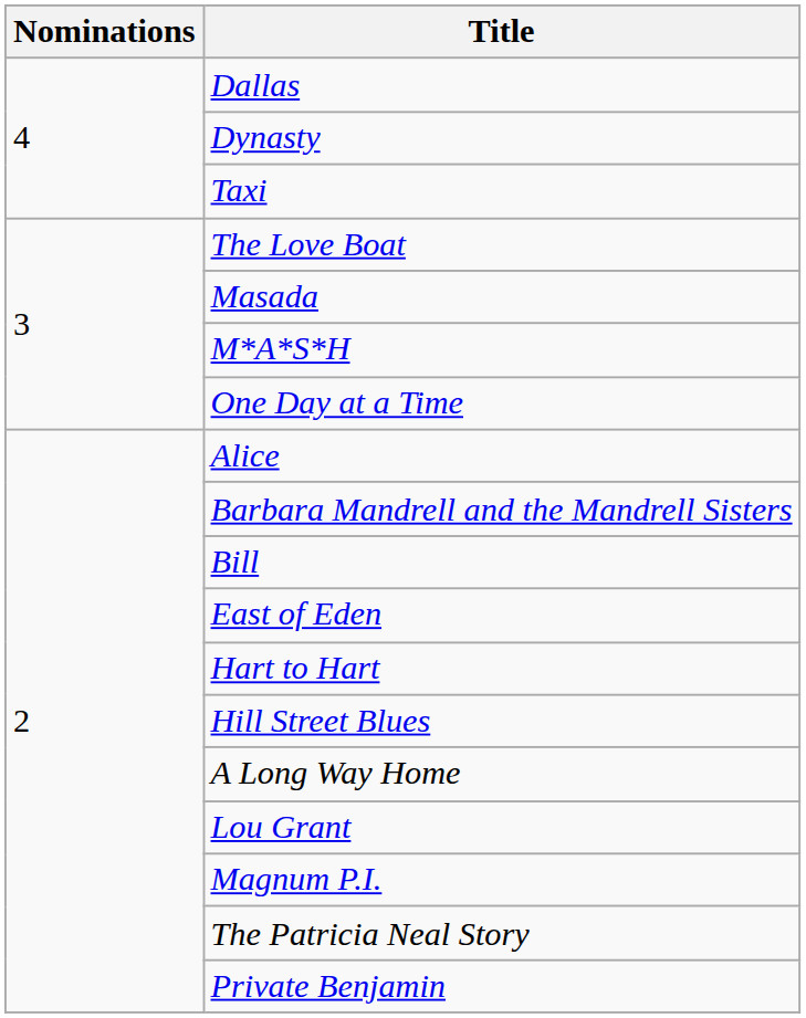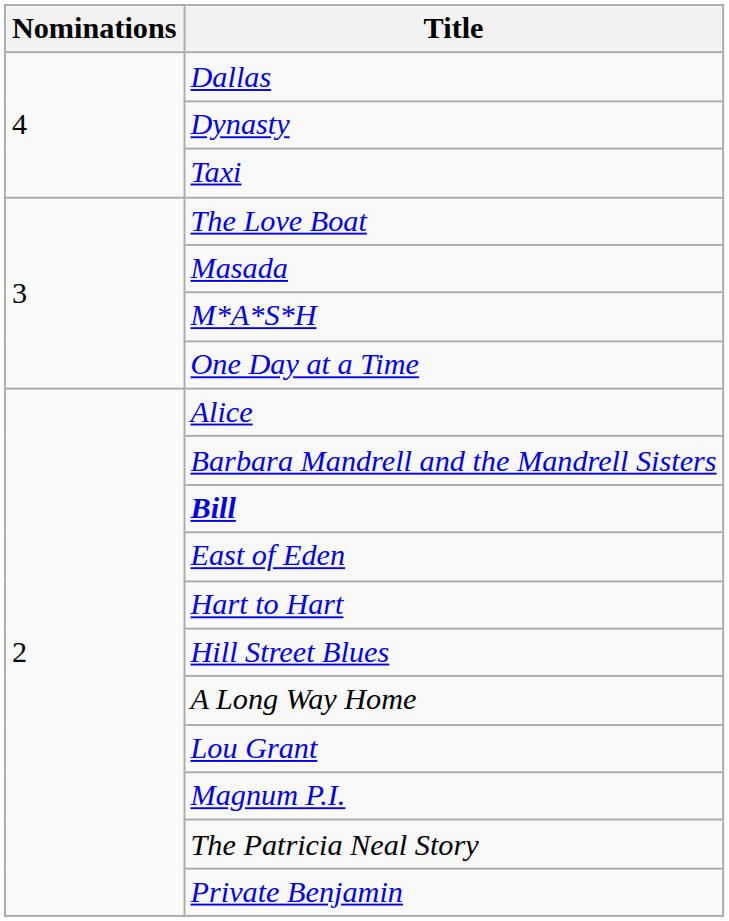 <table class="wikitable">
 <tr>
 <th>Nominations</th>
 <th>Title</th>
 </tr>
 <tr>
 <td rowspan="3">4</td>
 <td><em><a href='#'>Dallas</a></em></td>
 </tr>
 <tr>
 <td><em><a href='#'>Dynasty</a></em></td>
 </tr>
 <tr>
 <td><em><a href='#'>Taxi</a></em></td>
 </tr>
 <tr>
 <td rowspan="4">3</td>
 <td><em><a href='#'>The Love Boat</a></em></td>
 </tr>
 <tr>
 <td><em><a href='#'>Masada</a></em></td>
 </tr>
 <tr>
 <td><em><a href='#'>M*A*S*H</a></em></td>
 </tr>
 <tr>
 <td><em><a href='#'>One Day at a Time</a></em></td>
 </tr>
 <tr>
 <td rowspan="11">2</td>
 <td><em><a href='#'>Alice</a></em></td>
 </tr>
 <tr>
 <td><em><a href='#'>Barbara Mandrell and the Mandrell Sisters</a></em></td>
 </tr>
 <tr>
-<td><em><a href='#'>Bill</a></em></td>
+<td><strong><em><a href='#'>Bill</a></em></strong></td>
 </tr>
 <tr>
 <td><em><a href='#'>East of Eden</a></em></td>
 </tr>
 <tr>
 <td><em><a href='#'>Hart to Hart</a></em></td>
 </tr>
 <tr>
 <td><em><a href='#'>Hill Street Blues</a></em></td>
 </tr>
 <tr>
 <td><em>A Long Way Home</em></td>
 </tr>
 <tr>
 <td><em><a href='#'>Lou Grant</a></em></td>
 </tr>
 <tr>
 <td><em><a href='#'>Magnum P.I.</a></em></td>
 </tr>
 <tr>
 <td><em>The Patricia Neal Story</em></td>
 </tr>
 <tr>
 <td><em><a href='#'>Private Benjamin</a></em></td>
 </tr>
 </table>
